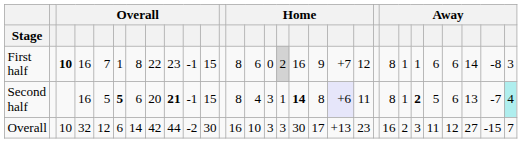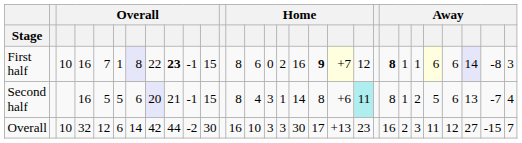 <table class="wikitable" style="text-align: right;">
 <tr>
 <th rawspan=2></th>
 <th rawspan=2></th>
 <th colspan=9>Overall</th>
 <th rawspan=1></th>
 <th colspan=8>Home</th>
 <th rawspan=1></th>
 <th colspan=8>Away</th>
 </tr>
 <tr>
 <th>Stage</th>
 <th></th>
 <th></th>
 <th></th>
 <th></th>
 <th></th>
 <th></th>
 <th></th>
 <th></th>
 <th></th>
 <th></th>
 <th></th>
 <th></th>
 <th></th>
 <th></th>
 <th></th>
 <th></th>
 <th></th>
 <th></th>
 <th></th>
 <th></th>
 <th></th>
 <th></th>
 <th></th>
 <th></th>
 <th></th>
 <th></th>
 <th></th>
 <th></th>
 </tr>
 <tr>
 <td align="left">First half</td>
 <td></td>
-<td><strong>10</strong></td>
+<td>10</td>
 <td>16</td>
 <td>7</td>
 <td>1</td>
-<td>8</td>
+<td style="background: lavender;">8</td>
 <td>22</td>
-<td>23</td>
+<td><strong>23</strong></td>
 <td>-1</td>
 <td>15</td>
 <td></td>
 <td>8</td>
 <td>6</td>
 <td>0</td>
-<td style="background: lightgrey;">2</td>
+<td>2</td>
 <td>16</td>
-<td>9</td>
-<td>+7</td>
+<td><strong>9</strong></td>
+<td style="background: lightyellow;">+7</td>
 <td>12</td>
 <td></td>
-<td>8</td>
+<td><strong>8</strong></td>
 <td>1</td>
 <td>1</td>
+<td style="background: lightyellow;">6</td>
 <td>6</td>
-<td>6</td>
-<td>14</td>
+<td style="background: lavender;">14</td>
 <td>-8</td>
 <td>3</td>
 </tr>
 <tr>
 <td align="left">Second half</td>
 <td></td>
 <td></td>
 <td>16</td>
 <td>5</td>
-<td><strong>5</strong></td>
+<td>5</td>
 <td>6</td>
-<td>20</td>
-<td><strong>21</strong></td>
+<td style="background: lavender;">20</td>
+<td>21</td>
 <td>-1</td>
 <td>15</td>
 <td></td>
 <td>8</td>
 <td>4</td>
 <td>3</td>
 <td>1</td>
-<td><strong>14</strong></td>
+<td>14</td>
 <td>8</td>
-<td style="background: lavender;">+6</td>
-<td>11</td>
+<td>+6</td>
+<td style="background: paleturquoise;">11</td>
 <td></td>
 <td>8</td>
 <td>1</td>
-<td><strong>2</strong></td>
+<td>2</td>
 <td>5</td>
 <td>6</td>
 <td>13</td>
 <td>-7</td>
-<td style="background: paleturquoise;">4</td>
+<td>4</td>
 </tr>
 <tr>
 <td align="left">Overall</td>
 <td></td>
 <td>10</td>
 <td>32</td>
 <td>12</td>
 <td>6</td>
 <td>14</td>
 <td>42</td>
 <td>44</td>
 <td>-2</td>
 <td>30</td>
 <td></td>
 <td>16</td>
 <td>10</td>
 <td>3</td>
 <td>3</td>
 <td>30</td>
 <td>17</td>
 <td>+13</td>
 <td>23</td>
 <td></td>
 <td>16</td>
 <td>2</td>
 <td>3</td>
 <td>11</td>
 <td>12</td>
 <td>27</td>
 <td>-15</td>
 <td>7</td>
 </tr>
 </table>
